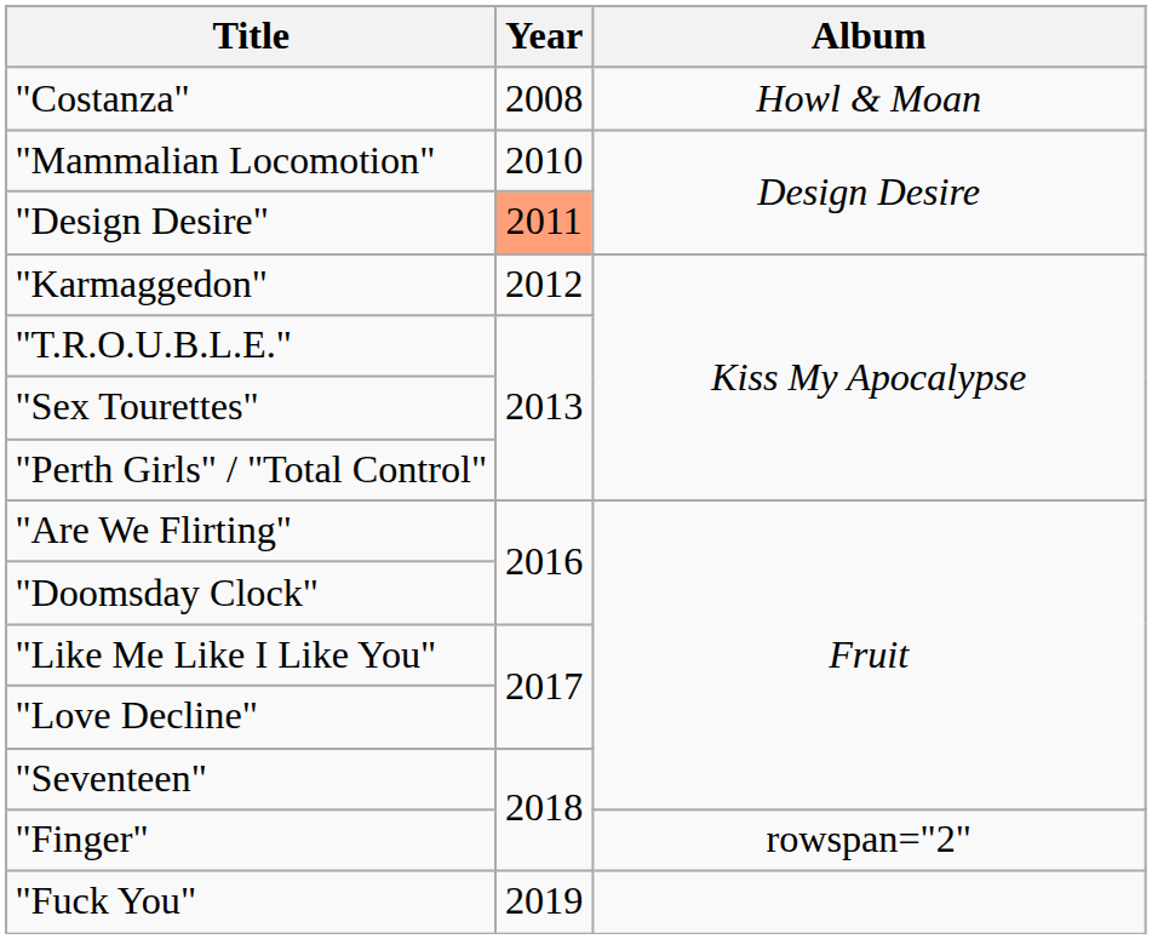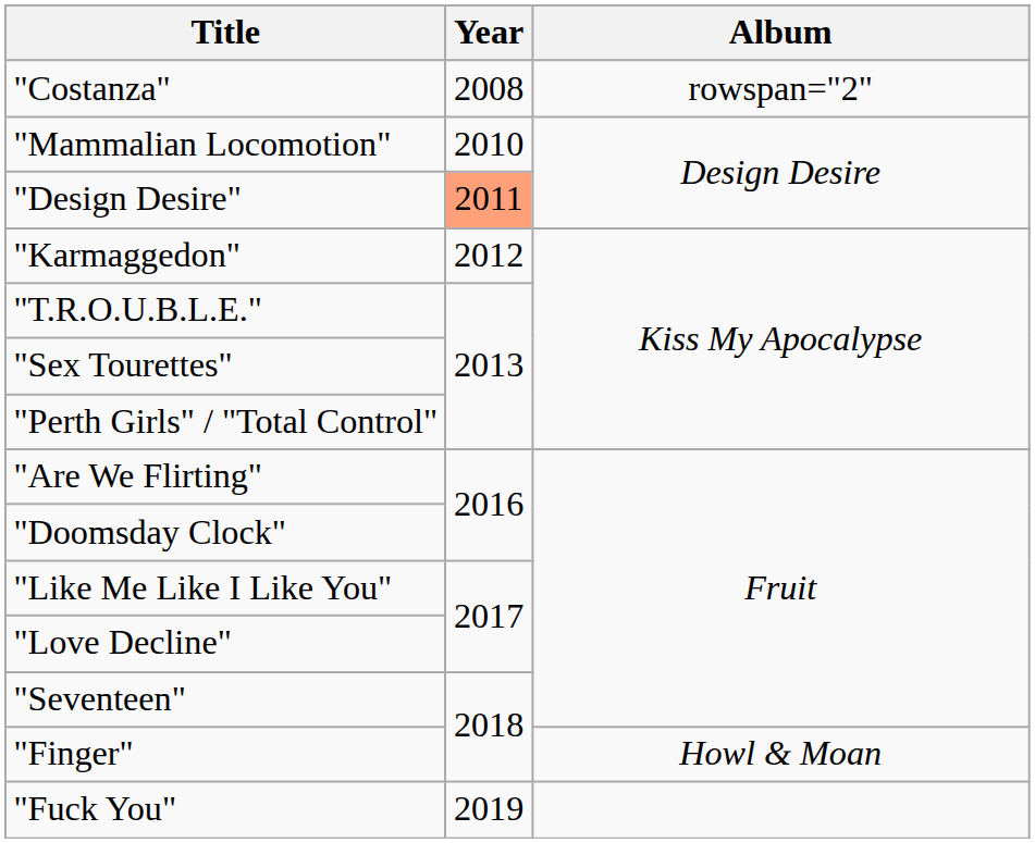 <table class="wikitable" style="text-align:center;">
 <tr>
 <th scope="col">Title</th>
 <th scope="col">Year</th>
 <th scope="col" width="220">Album</th>
 </tr>
 <tr>
 <td align="left">"Costanza"</td>
 <td>2008</td>
-<td><em>Howl & Moan</em></td>
+<td>rowspan="2" </td>
 </tr>
 <tr>
 <td align="left">"Mammalian Locomotion"</td>
 <td>2010</td>
 <td rowspan="2"><em>Design Desire</em></td>
 </tr>
 <tr>
 <td align="left">"Design Desire"</td>
 <td style="background: lightsalmon;">2011</td>
 </tr>
 <tr>
 <td align="left">"Karmaggedon"</td>
 <td>2012</td>
 <td rowspan="4"><em>Kiss My Apocalypse</em></td>
 </tr>
 <tr>
 <td align="left">"T.R.O.U.B.L.E."</td>
 <td rowspan="3">2013</td>
 </tr>
 <tr>
 <td align="left">"Sex Tourettes"</td>
 </tr>
 <tr>
 <td align="left">"Perth Girls" / "Total Control"</td>
 </tr>
 <tr>
 <td align="left">"Are We Flirting"</td>
 <td rowspan="2">2016</td>
 <td rowspan="5"><em>Fruit</em></td>
 </tr>
 <tr>
 <td align="left">"Doomsday Clock" <br></td>
 </tr>
 <tr>
 <td align="left">"Like Me Like I Like You"</td>
 <td rowspan="2">2017</td>
 </tr>
 <tr>
 <td align="left">"Love Decline"</td>
 </tr>
 <tr>
 <td align="left">"Seventeen"</td>
 <td rowspan="2">2018</td>
 </tr>
 <tr>
 <td align="left">"Finger"</td>
-<td>rowspan="2" </td>
+<td><em>Howl & Moan</em></td>
 </tr>
 <tr>
 <td align="left">"Fuck You"</td>
 <td>2019</td>
 </tr>
 <tr>
 </tr>
 </table>
